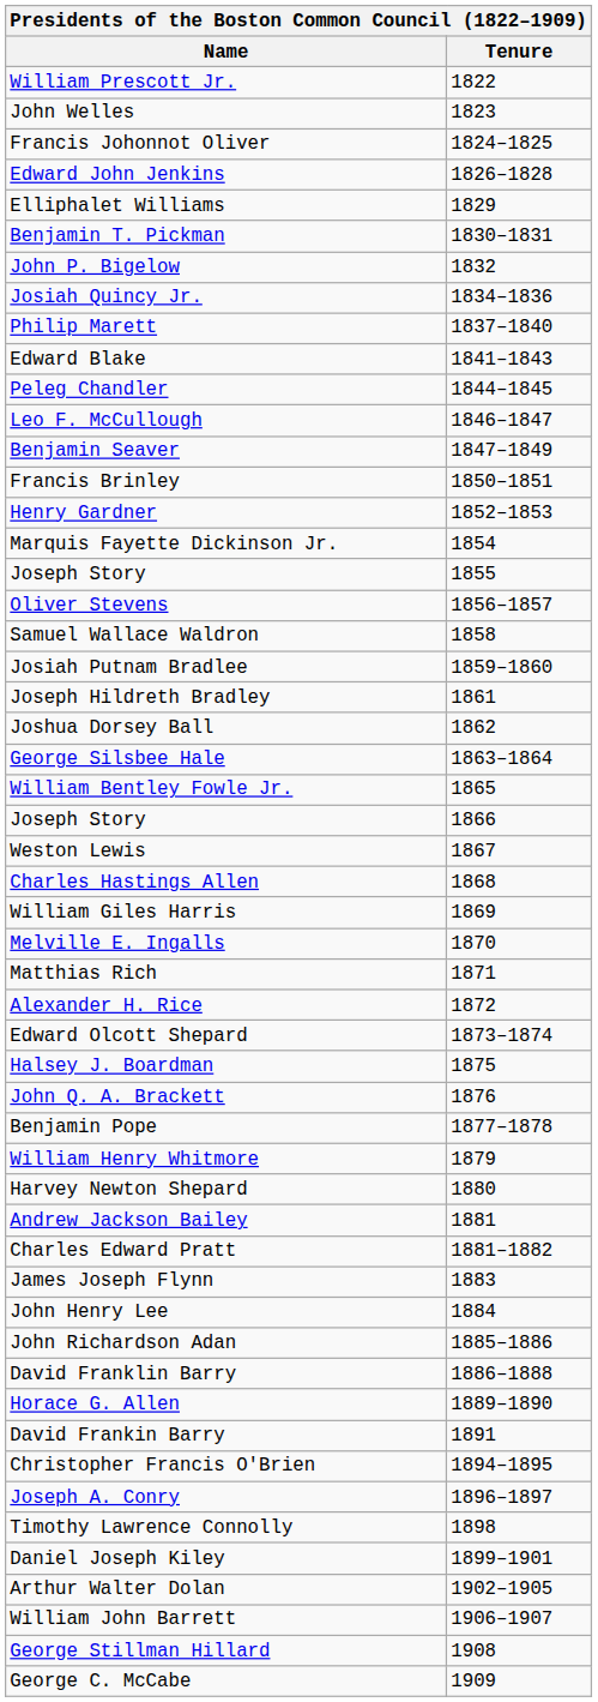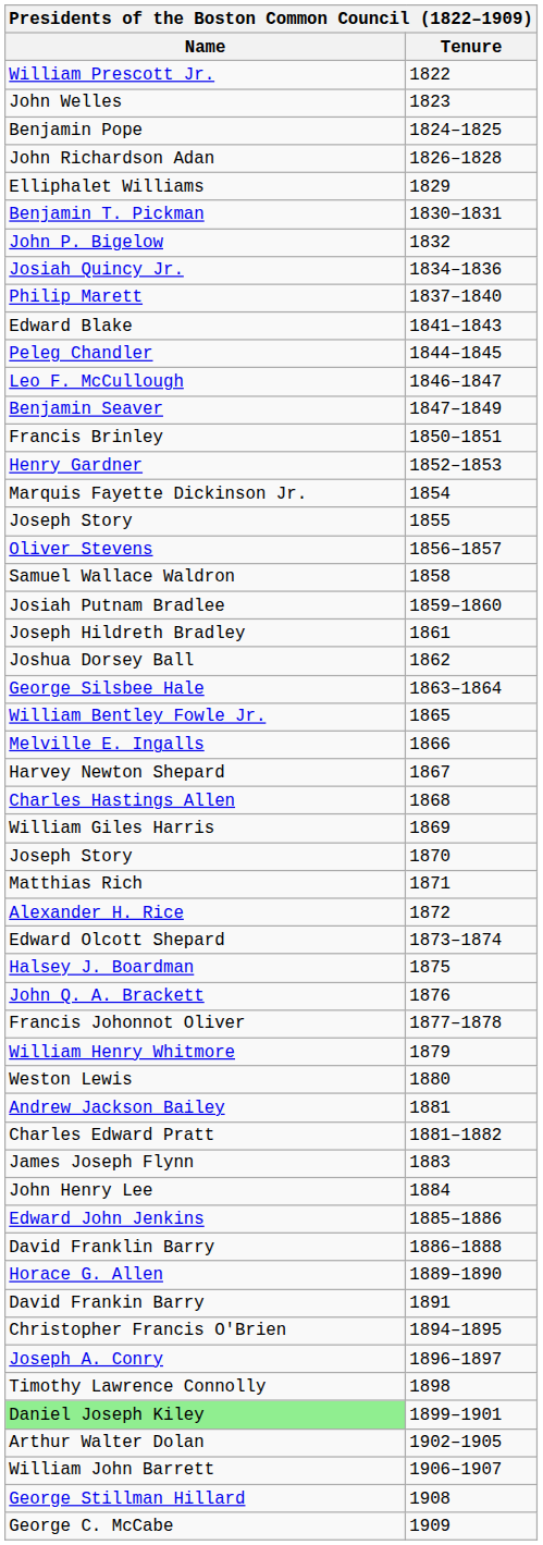 <table class="wikitable mw-collapsible">
 <tr>
 <th colspan=2>Presidents of the Boston Common Council (1822–1909)</th>
 </tr>
 <tr>
 <th>Name</th>
 <th>Tenure</th>
 </tr>
 <tr>
 <td><a href='#'>William Prescott Jr.</a></td>
 <td>1822</td>
 </tr>
 <tr>
 <td>John Welles</td>
 <td>1823</td>
 </tr>
 <tr>
-<td>Francis Johonnot Oliver</td>
+<td>Benjamin Pope</td>
 <td>1824–1825</td>
 </tr>
 <tr>
-<td><a href='#'>Edward John Jenkins</a></td>
+<td>John Richardson Adan</td>
 <td>1826–1828</td>
 </tr>
 <tr>
 <td>Elliphalet Williams</td>
 <td>1829</td>
 </tr>
 <tr>
 <td><a href='#'>Benjamin T. Pickman</a></td>
 <td>1830–1831</td>
 </tr>
 <tr>
 <td><a href='#'>John P. Bigelow</a></td>
 <td>1832</td>
 </tr>
 <tr>
 <td><a href='#'>Josiah Quincy Jr.</a></td>
 <td>1834–1836</td>
 </tr>
 <tr>
 <td><a href='#'>Philip Marett</a></td>
 <td>1837–1840</td>
 </tr>
 <tr>
 <td>Edward Blake</td>
 <td>1841–1843</td>
 </tr>
 <tr>
 <td><a href='#'>Peleg Chandler</a></td>
 <td>1844–1845</td>
 </tr>
 <tr>
 <td><a href='#'>Leo F. McCullough</a></td>
 <td>1846–1847</td>
 </tr>
 <tr>
 <td><a href='#'>Benjamin Seaver</a></td>
 <td>1847–1849</td>
 </tr>
 <tr>
 <td>Francis Brinley</td>
 <td>1850–1851</td>
 </tr>
 <tr>
 <td><a href='#'>Henry Gardner</a></td>
 <td>1852–1853</td>
 </tr>
 <tr>
 <td>Marquis Fayette Dickinson Jr.</td>
 <td>1854</td>
 </tr>
 <tr>
 <td>Joseph Story</td>
 <td>1855</td>
 </tr>
 <tr>
 <td><a href='#'>Oliver Stevens</a></td>
 <td>1856–1857</td>
 </tr>
 <tr>
 <td>Samuel Wallace Waldron</td>
 <td>1858</td>
 </tr>
 <tr>
 <td>Josiah Putnam Bradlee</td>
 <td>1859–1860</td>
 </tr>
 <tr>
 <td>Joseph Hildreth Bradley</td>
 <td>1861</td>
 </tr>
 <tr>
 <td>Joshua Dorsey Ball</td>
 <td>1862</td>
 </tr>
 <tr>
 <td><a href='#'>George Silsbee Hale</a></td>
 <td>1863–1864</td>
 </tr>
 <tr>
 <td><a href='#'>William Bentley Fowle Jr.</a></td>
 <td>1865</td>
 </tr>
 <tr>
-<td>Joseph Story</td>
+<td><a href='#'>Melville E. Ingalls</a></td>
 <td>1866</td>
 </tr>
 <tr>
-<td>Weston Lewis</td>
+<td>Harvey Newton Shepard</td>
 <td>1867</td>
 </tr>
 <tr>
 <td><a href='#'>Charles Hastings Allen</a></td>
 <td>1868</td>
 </tr>
 <tr>
 <td>William Giles Harris</td>
 <td>1869</td>
 </tr>
 <tr>
-<td><a href='#'>Melville E. Ingalls</a></td>
+<td>Joseph Story</td>
 <td>1870</td>
 </tr>
 <tr>
 <td>Matthias Rich</td>
 <td>1871</td>
 </tr>
 <tr>
 <td><a href='#'>Alexander H. Rice</a></td>
 <td>1872</td>
 </tr>
 <tr>
 <td>Edward Olcott Shepard</td>
 <td>1873–1874</td>
 </tr>
 <tr>
 <td><a href='#'>Halsey J. Boardman</a></td>
 <td>1875</td>
 </tr>
 <tr>
 <td><a href='#'>John Q. A. Brackett</a></td>
 <td>1876</td>
 </tr>
 <tr>
-<td>Benjamin Pope</td>
+<td>Francis Johonnot Oliver</td>
 <td>1877–1878</td>
 </tr>
 <tr>
 <td><a href='#'>William Henry Whitmore</a></td>
 <td>1879</td>
 </tr>
 <tr>
-<td>Harvey Newton Shepard</td>
+<td>Weston Lewis</td>
 <td>1880</td>
 </tr>
 <tr>
 <td><a href='#'>Andrew Jackson Bailey</a></td>
 <td>1881</td>
 </tr>
 <tr>
 <td>Charles Edward Pratt</td>
 <td>1881–1882</td>
 </tr>
 <tr>
 <td>James Joseph Flynn</td>
 <td>1883</td>
 </tr>
 <tr>
 <td>John Henry Lee</td>
 <td>1884</td>
 </tr>
 <tr>
-<td>John Richardson Adan</td>
+<td><a href='#'>Edward John Jenkins</a></td>
 <td>1885–1886</td>
 </tr>
 <tr>
 <td>David Franklin Barry</td>
 <td>1886–1888</td>
 </tr>
 <tr>
 <td><a href='#'>Horace G. Allen</a></td>
 <td>1889–1890</td>
 </tr>
 <tr>
 <td>David Frankin Barry</td>
 <td>1891</td>
 </tr>
 <tr>
 <td>Christopher Francis O'Brien</td>
 <td>1894–1895</td>
 </tr>
 <tr>
 <td><a href='#'>Joseph A. Conry</a></td>
 <td>1896–1897</td>
 </tr>
 <tr>
 <td>Timothy Lawrence Connolly</td>
 <td>1898</td>
 </tr>
 <tr>
-<td>Daniel Joseph Kiley</td>
+<td style="background: lightgreen;">Daniel Joseph Kiley</td>
 <td>1899–1901</td>
 </tr>
 <tr>
 <td>Arthur Walter Dolan</td>
 <td>1902–1905</td>
 </tr>
 <tr>
 <td>William John Barrett</td>
 <td>1906–1907</td>
 </tr>
 <tr>
 <td><a href='#'>George Stillman Hillard</a></td>
 <td>1908</td>
 </tr>
 <tr>
 <td>George C. McCabe</td>
 <td>1909</td>
 </tr>
 </table>
